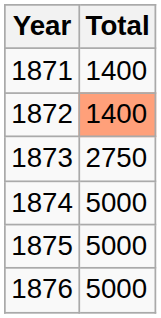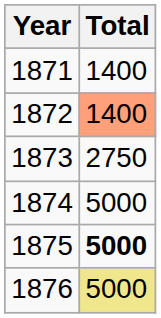 <table class="wikitable">
 <tr>
 <th>Year</th>
 <th>Total</th>
 </tr>
 <tr>
 <td>1871</td>
 <td>1400</td>
 </tr>
 <tr>
 <td>1872</td>
 <td style="background: lightsalmon;">1400</td>
 </tr>
 <tr>
 <td>1873</td>
 <td>2750</td>
 </tr>
 <tr>
 <td>1874</td>
 <td>5000</td>
 </tr>
 <tr>
 <td>1875</td>
-<td>5000</td>
+<td><strong>5000</strong></td>
 </tr>
 <tr>
 <td>1876</td>
-<td>5000</td>
+<td style="background: khaki;">5000</td>
 </tr>
 </table>
